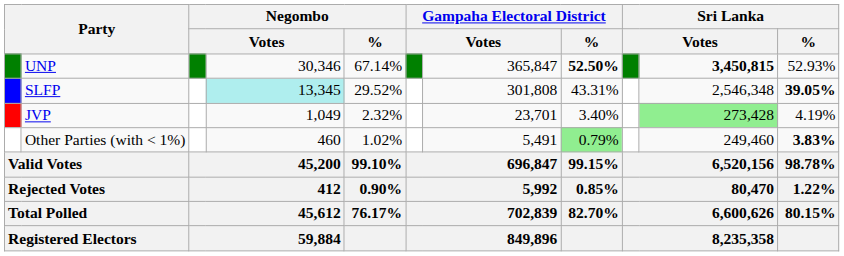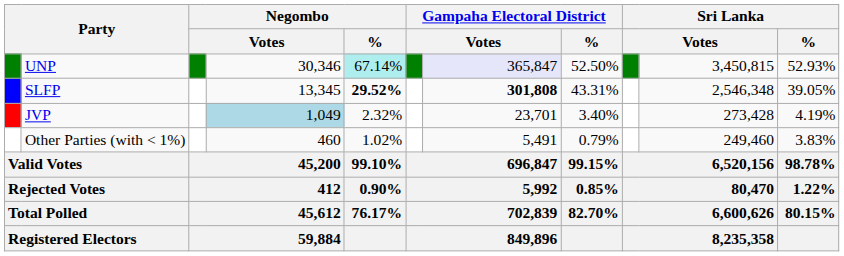 <table class="wikitable">
 <tr>
 <th colspan="2" width="144px"rowspan="2">Party</th>
 <th colspan="3" width="216px">Negombo</th>
 <th colspan="3" width="216px"><a href='#'>Gampaha Electoral District</a></th>
 <th colspan="3" width="216px">Sri Lanka</th>
 </tr>
 <tr>
 <th colspan="2" width="144px">Votes</th>
 <th>%</th>
 <th colspan="2" width="144px">Votes</th>
 <th>%</th>
 <th colspan="2" width="144px">Votes</th>
 <th>%</th>
 </tr>
 <tr>
 <td style="background-color:green;" width="10px"></td>
 <td style="text-align:left;"><a href='#'>UNP</a></td>
 <td style="background-color:green;" width="10px"></td>
 <td style="text-align:right;">30,346</td>
-<td style="text-align:right;">67.14%</td>
+<td style="background: paleturquoise; text-align:right;">67.14%</td>
 <td style="background-color:green;" width="10px"></td>
-<td style="text-align:right;">365,847</td>
-<td style="text-align:right;"><strong>52.50%</strong></td>
+<td style="background: lavender; text-align:right;">365,847</td>
+<td style="text-align:right;">52.50%</td>
 <td style="background-color:green;" width="10px"></td>
-<td style="text-align:right;"><strong>3,450,815</strong></td>
+<td style="text-align:right;">3,450,815</td>
 <td style="text-align:right;">52.93%</td>
 </tr>
 <tr>
 <td style="background-color:blue;" width="10px"></td>
 <td style="text-align:left;"><a href='#'>SLFP</a></td>
 <td style="background-color:white;" width="10px"></td>
-<td style="background: paleturquoise; text-align:right;">13,345</td>
-<td style="text-align:right;">29.52%</td>
+<td style="text-align:right;">13,345</td>
+<td style="text-align:right;"><strong>29.52%</strong></td>
 <td style="background-color:white;" width="10px"></td>
-<td style="text-align:right;">301,808</td>
+<td style="text-align:right;"><strong>301,808</strong></td>
 <td style="text-align:right;">43.31%</td>
 <td style="background-color:white;" width="10px"></td>
 <td style="text-align:right;">2,546,348</td>
-<td style="text-align:right;"><strong>39.05%</strong></td>
+<td style="text-align:right;">39.05%</td>
 </tr>
 <tr>
 <td style="background-color:red;" width="10px"></td>
 <td style="text-align:left;"><a href='#'>JVP</a></td>
 <td style="background-color:white;" width="10px"></td>
-<td style="text-align:right;">1,049</td>
+<td style="background: lightblue; text-align:right;">1,049</td>
 <td style="text-align:right;">2.32%</td>
 <td style="background-color:white;" width="10px"></td>
 <td style="text-align:right;">23,701</td>
 <td style="text-align:right;">3.40%</td>
 <td style="background-color:white;" width="10px"></td>
-<td style="background: lightgreen; text-align:right;">273,428</td>
+<td style="text-align:right;">273,428</td>
 <td style="text-align:right;">4.19%</td>
 </tr>
 <tr>
 <td style="background-color:white;" width="10px"></td>
 <td style="text-align:left;">Other Parties (with < 1%)</td>
 <td style="background-color:white;" width="10px"></td>
 <td style="text-align:right;">460</td>
 <td style="text-align:right;">1.02%</td>
 <td style="background-color:white;" width="10px"></td>
 <td style="text-align:right;">5,491</td>
-<td style="background: lightgreen; text-align:right;">0.79%</td>
+<td style="text-align:right;">0.79%</td>
 <td style="background-color:white;" width="10px"></td>
 <td style="text-align:right;">249,460</td>
-<td style="text-align:right;"><strong>3.83%</strong></td>
+<td style="text-align:right;">3.83%</td>
 </tr>
 <tr>
 <th colspan="2" width="144px"style="text-align:left;">Valid Votes</th>
 <th style="text-align:right;"colspan="2" width="144px">45,200</th>
 <th style="text-align:right;">99.10%</th>
 <th style="text-align:right;"colspan="2" width="144px">696,847</th>
 <th style="text-align:right;">99.15%</th>
 <th style="text-align:right;"colspan="2" width="144px">6,520,156</th>
 <th style="text-align:right;">98.78%</th>
 </tr>
 <tr>
 <th colspan="2" width="144px"style="text-align:left;">Rejected Votes</th>
 <th style="text-align:right;"colspan="2" width="144px">412</th>
 <th style="text-align:right;">0.90%</th>
 <th style="text-align:right;"colspan="2" width="144px">5,992</th>
 <th style="text-align:right;">0.85%</th>
 <th style="text-align:right;"colspan="2" width="144px">80,470</th>
 <th style="text-align:right;">1.22%</th>
 </tr>
 <tr>
 <th colspan="2" width="144px"style="text-align:left;">Total Polled</th>
 <th style="text-align:right;"colspan="2" width="144px">45,612</th>
 <th style="text-align:right;">76.17%</th>
 <th style="text-align:right;"colspan="2" width="144px">702,839</th>
 <th style="text-align:right;">82.70%</th>
 <th style="text-align:right;"colspan="2" width="144px">6,600,626</th>
 <th style="text-align:right;">80.15%</th>
 </tr>
 <tr>
 <th colspan="2" width="144px"style="text-align:left;">Registered Electors</th>
 <th style="text-align:right;"colspan="2" width="144px">59,884</th>
 <th></th>
 <th style="text-align:right;"colspan="2" width="144px">849,896</th>
 <th></th>
 <th style="text-align:right;"colspan="2" width="144px">8,235,358</th>
 <th></th>
 </tr>
 </table>
